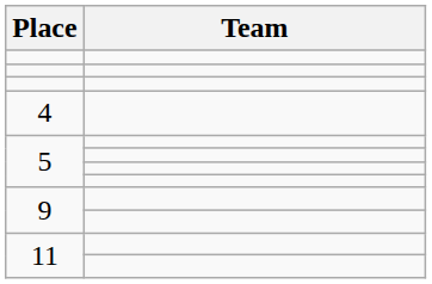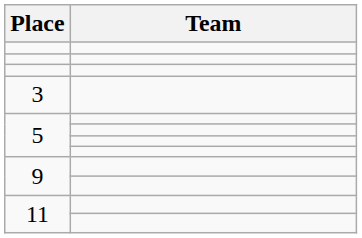 <table class="wikitable" style="text-align: center;">
 <tr>
 <th width=35>Place</th>
 <th width=185>Team</th>
 </tr>
 <tr>
 <td></td>
 <td style="text-align:left;"></td>
 </tr>
 <tr align=center>
 <td></td>
 <td style="text-align:left;"></td>
 </tr>
 <tr align=center>
 <td></td>
 <td style="text-align:left;"></td>
 </tr>
 <tr>
-<td>4</td>
+<td>3</td>
 <td style="text-align:left;"></td>
 </tr>
 <tr align=center>
 <td rowspan=4>5</td>
 <td style="text-align:left;"></td>
 </tr>
 <tr align=center>
 <td style="text-align:left;"></td>
 </tr>
 <tr align=center>
 <td style="text-align:left;"></td>
 </tr>
 <tr align=center>
 <td style="text-align:left;"></td>
 </tr>
 <tr align=center>
 <td rowspan=2>9</td>
 <td style="text-align:left;"></td>
 </tr>
 <tr align=center>
 <td style="text-align:left;"></td>
 </tr>
 <tr align=center>
 <td rowspan=2>11</td>
 <td style="text-align:left;"></td>
 </tr>
 <tr align=center>
 <td style="text-align:left;"></td>
 </tr>
 </table>
